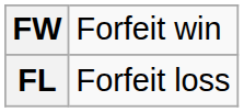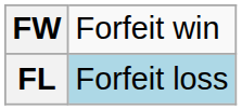 <table class="wikitable plainrowheaders">
 <tr>
 <th scope="row" style="text-align:center">FW</th>
 <td>Forfeit win</td>
 </tr>
 <tr>
 <th scope="row" style="text-align:center">FL</th>
-<td>Forfeit loss</td>
+<td style="background: lightblue;">Forfeit loss</td>
 </tr>
 </table>
